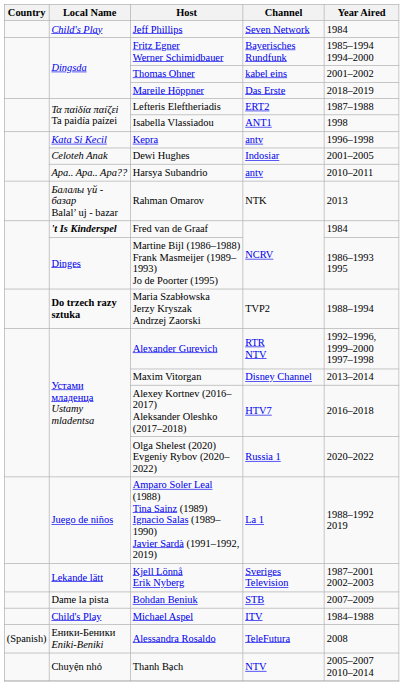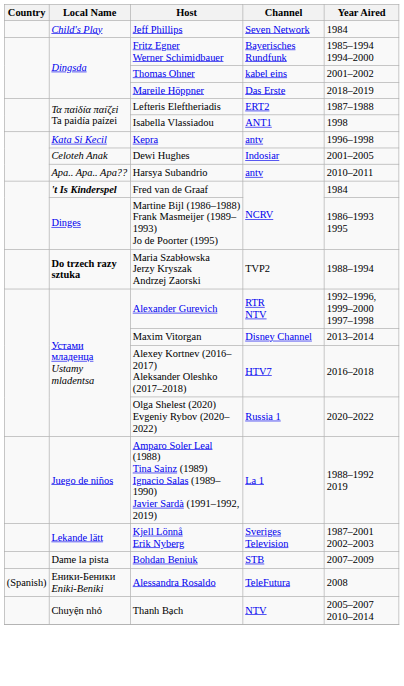 <table class="wikitable" style=:98%;">
 <tr>
 <th>Country</th>
 <th>Local Name</th>
 <th>Host</th>
 <th>Channel</th>
 <th>Year Aired</th>
 </tr>
 <tr>
 <td></td>
 <td><em><a href='#'>Child's Play</a></em></td>
 <td><a href='#'>Jeff Phillips</a></td>
 <td><a href='#'>Seven Network</a></td>
 <td>1984</td>
 </tr>
 <tr>
 <td rowspan=3></td>
 <td rowspan=3><em><a href='#'>Dingsda</a></em></td>
 <td><a href='#'>Fritz Egner</a><br><a href='#'>Werner Schimidbauer</a></td>
 <td><a href='#'>Bayerisches Rundfunk</a></td>
 <td>1985–1994<br>1994–2000</td>
 </tr>
 <tr>
 <td><a href='#'>Thomas Ohner</a></td>
 <td><a href='#'>kabel eins</a></td>
 <td>2001–2002</td>
 </tr>
 <tr>
 <td><a href='#'>Mareile Höppner</a></td>
 <td><a href='#'>Das Erste</a></td>
 <td>2018–2019</td>
 </tr>
 <tr>
 <td rowspan=2></td>
 <td rowspan=2><em>Τα παiδíα παíζεi</em><br>Ta paidía paízei</td>
 <td>Lefteris Eleftheriadis</td>
 <td><a href='#'>ERT2</a></td>
 <td>1987–1988</td>
 </tr>
 <tr>
 <td>Isabella Vlassiadou</td>
 <td><a href='#'>ANT1</a></td>
 <td>1998</td>
 </tr>
 <tr>
 <td rowspan="3"></td>
 <td><em><a href='#'>Kata Si Kecil</a></em></td>
 <td><a href='#'>Kepra</a></td>
 <td><a href='#'>antv</a></td>
 <td>1996–1998</td>
 </tr>
 <tr>
 <td><em>Celoteh Anak</em></td>
 <td>Dewi Hughes</td>
 <td><a href='#'>Indosiar</a></td>
 <td>2001–2005</td>
 </tr>
 <tr>
 <td><em>Apa.. Apa.. Apa??</em></td>
 <td>Harsya Subandrio</td>
 <td><a href='#'>antv</a></td>
 <td>2010–2011</td>
 </tr>
 <tr>
-<td></td>
-<td><em>Балалы үй - базар</em><br>Balal’ uj - bazar</td>
-<td>Rahman Omarov</td>
-<td>NTK</td>
-<td>2013</td>
-</tr>
-<tr>
 <td rowspan="2"></td>
 <td><strong><em><strong>'t Is Kinderspel<em></td>
 <td>Fred van de Graaf</td>
 <td rowspan="2"><a href='#'>NCRV</a></td>
 <td>1984</td>
 </tr>
 <tr>
 <td></em><a href='#'>Dinges</a><em></td>
 <td>Martine Bijl (1986–1988)<br>Frank Masmeijer (1989–1993)<br>Jo de Poorter (1995)</td>
 <td>1986–1993<br>1995</td>
 </tr>
 <tr>
 <td></td>
 <td><strong></em>Do trzech razy sztuka<em></strong></td>
 <td>Maria Szabłowska<br>Jerzy Kryszak<br>Andrzej Zaorski</td>
 <td>TVP2</td>
 <td>1988–1994</td>
 </tr>
 <tr>
 <td rowspan=4></td>
 <td rowspan=4></em><a href='#'>Устами младенца</a><em><br>Ustamy mladentsa</td>
 <td><a href='#'>Alexander Gurevich</a></td>
 <td><a href='#'>RTR</a><br><a href='#'>NTV</a></td>
 <td>1992–1996, 1999–2000<br>1997–1998</td>
 </tr>
 <tr>
 <td>Maxim Vitorgan</td>
 <td><a href='#'>Disney Channel</a></td>
 <td>2013–2014</td>
 </tr>
 <tr>
 <td>Alexey Kortnev (2016–2017)<br>Aleksander Oleshko (2017–2018)</td>
 <td><a href='#'>HTV7</a></td>
 <td>2016–2018</td>
 </tr>
 <tr>
 <td>Olga Shelest (2020)<br>Evgeniy Rybov (2020–2022)</td>
 <td><a href='#'>Russia 1</a></td>
 <td>2020–2022</td>
 </tr>
 <tr>
 <td></td>
 <td><a href='#'></em>Juego de niños<em></a></td>
 <td><a href='#'>Amparo Soler Leal</a> (1988)<br><a href='#'>Tina Sainz</a> (1989)<br><a href='#'>Ignacio Salas</a> (1989–1990)<br><a href='#'>Javier Sardà</a> (1991–1992, 2019)</td>
 <td><a href='#'>La 1</a></td>
 <td>1988–1992<br>2019</td>
 </tr>
 <tr>
 <td></td>
 <td><a href='#'></em>Lekande lätt<em></a></td>
 <td><a href='#'>Kjell Lönnå</a><br><a href='#'>Erik Nyberg</a></td>
 <td><a href='#'>Sveriges Television</a></td>
 <td>1987–2001<br>2002–2003</td>
 </tr>
 <tr>
 <td></td>
 <td></em>Dame la pista<em></td>
 <td><a href='#'>Bohdan Beniuk</a></td>
 <td><a href='#'>STB</a></td>
 <td>2007–2009</td>
 </tr>
 <tr>
-<td></td>
-<td></em><a href='#'>Child's Play</a><em></td>
-<td><a href='#'>Michael Aspel</a></td>
-<td><a href='#'>ITV</a></td>
-<td>1984–1988</td>
-</tr>
-<tr>
 <td> (Spanish)</td>
 <td></em>Еники-Беники<em><br>Eniki-Beniki</td>
 <td><a href='#'>Alessandra Rosaldo</a></td>
 <td><a href='#'>TeleFutura</a></td>
 <td>2008</td>
 </tr>
 <tr>
 <td></td>
 <td></em>Chuyện nhỏ<em></td>
 <td>Thanh Bạch</td>
 <td><a href='#'>NTV</a></td>
 <td>2005–2007<br>2010–2014</td>
 </tr>
 <tr>
 </tr>
 </table>
